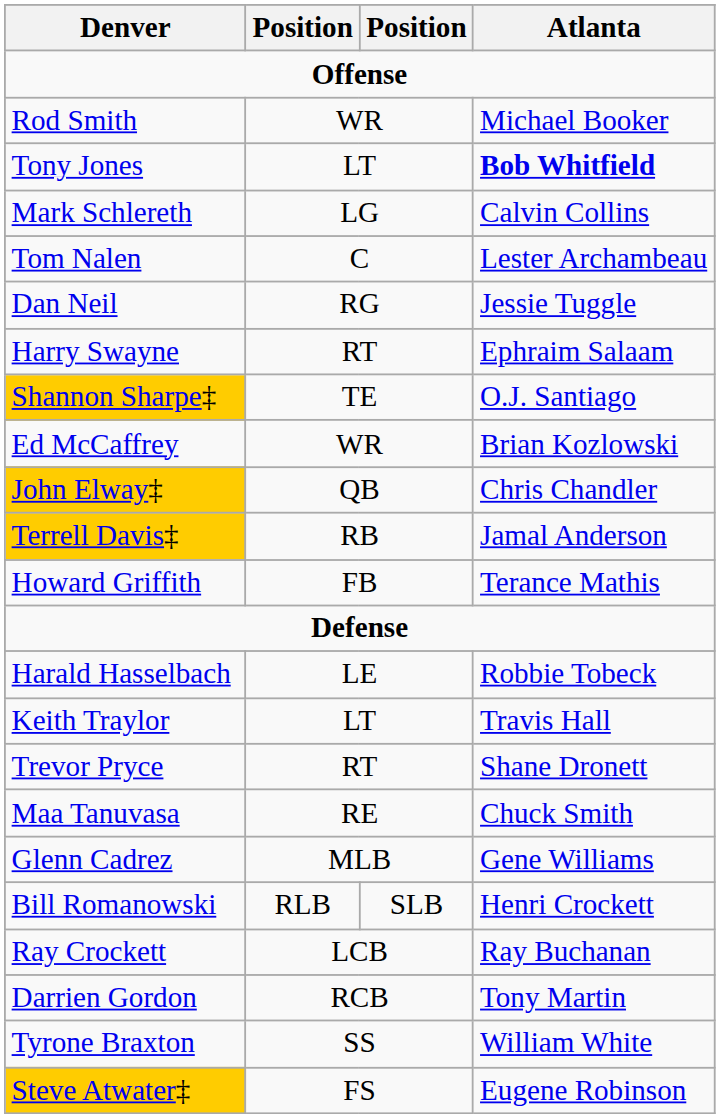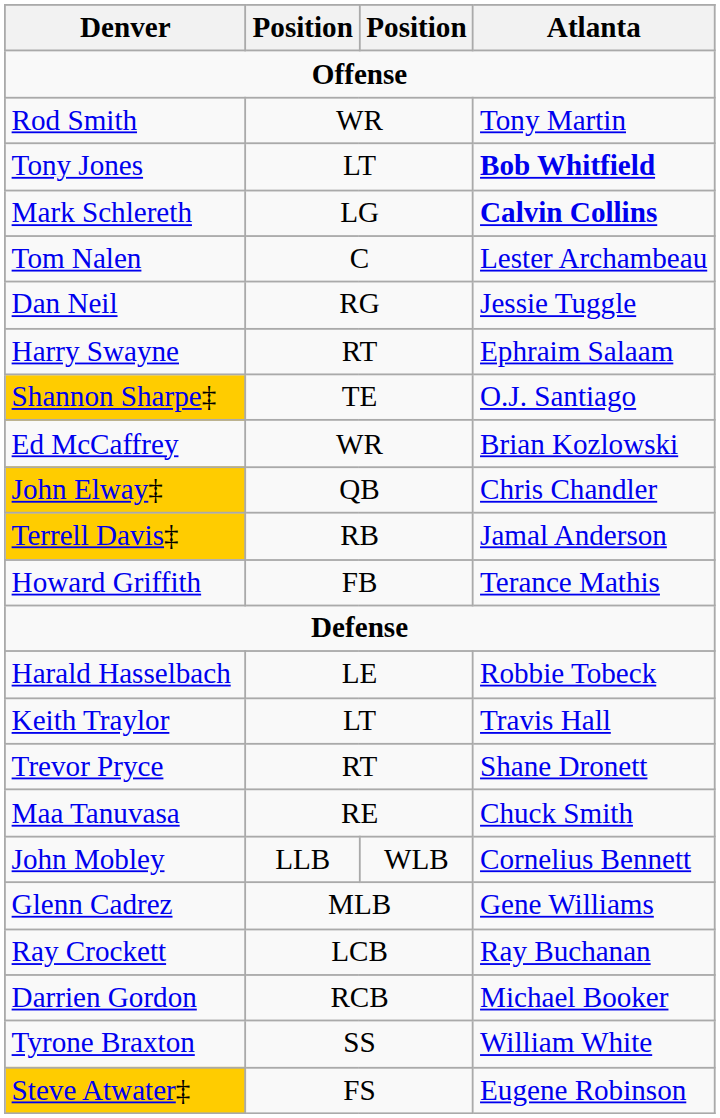 <table class="wikitable">
 <tr>
 <th width="125">Denver</th>
 <th>Position</th>
 <th>Position</th>
 <th width="125">Atlanta</th>
 </tr>
 <tr>
 <td colspan="4" style="text-align:center"><strong>Offense</strong></td>
 </tr>
 <tr>
 <td><a href='#'>Rod Smith</a></td>
 <td colspan="2" style="text-align:center">WR</td>
-<td><a href='#'>Michael Booker</a></td>
+<td><a href='#'>Tony Martin</a></td>
 </tr>
 <tr>
 <td><a href='#'>Tony Jones</a></td>
 <td colspan="2" style="text-align:center">LT</td>
 <td><strong><a href='#'>Bob Whitfield</a></strong></td>
 </tr>
 <tr>
 <td><a href='#'>Mark Schlereth</a></td>
 <td colspan="2" style="text-align:center">LG</td>
-<td><a href='#'>Calvin Collins</a></td>
+<td><strong><a href='#'>Calvin Collins</a></strong></td>
 </tr>
 <tr>
 <td><a href='#'>Tom Nalen</a></td>
 <td colspan="2" style="text-align:center">C</td>
 <td><a href='#'>Lester Archambeau</a></td>
 </tr>
 <tr>
 <td><a href='#'>Dan Neil</a></td>
 <td colspan="2" style="text-align:center">RG</td>
 <td><a href='#'>Jessie Tuggle</a></td>
 </tr>
 <tr>
 <td><a href='#'>Harry Swayne</a></td>
 <td colspan="2" style="text-align:center">RT</td>
 <td><a href='#'>Ephraim Salaam</a></td>
 </tr>
 <tr>
 <td bgcolor="#ffcc00"><a href='#'>Shannon Sharpe</a>‡</td>
 <td colspan="2" style="text-align:center">TE</td>
 <td><a href='#'>O.J. Santiago</a></td>
 </tr>
 <tr>
 <td><a href='#'>Ed McCaffrey</a></td>
 <td colspan="2" style="text-align:center">WR</td>
 <td><a href='#'>Brian Kozlowski</a></td>
 </tr>
 <tr>
 <td bgcolor="#ffcc00"><a href='#'>John Elway</a>‡</td>
 <td colspan="2" style="text-align:center">QB</td>
 <td><a href='#'>Chris Chandler</a></td>
 </tr>
 <tr>
 <td bgcolor="#ffcc00"><a href='#'>Terrell Davis</a>‡</td>
 <td colspan="2" style="text-align:center">RB</td>
 <td><a href='#'>Jamal Anderson</a></td>
 </tr>
 <tr>
 <td><a href='#'>Howard Griffith</a></td>
 <td colspan="2" style="text-align:center">FB</td>
 <td><a href='#'>Terance Mathis</a></td>
 </tr>
 <tr>
 <td colspan="4" style="text-align:center"><strong>Defense</strong></td>
 </tr>
 <tr>
 <td><a href='#'>Harald Hasselbach</a></td>
 <td colspan="2" style="text-align:center">LE</td>
 <td><a href='#'>Robbie Tobeck</a></td>
 </tr>
 <tr>
 <td><a href='#'>Keith Traylor</a></td>
 <td colspan="2" style="text-align:center">LT</td>
 <td><a href='#'>Travis Hall</a></td>
 </tr>
 <tr>
 <td><a href='#'>Trevor Pryce</a></td>
 <td colspan="2" style="text-align:center">RT</td>
 <td><a href='#'>Shane Dronett</a></td>
 </tr>
 <tr>
 <td><a href='#'>Maa Tanuvasa</a></td>
 <td colspan="2" style="text-align:center">RE</td>
 <td><a href='#'>Chuck Smith</a></td>
 </tr>
 <tr>
+<td><a href='#'>John Mobley</a></td>
+<td style="text-align:center">LLB</td>
+<td style="text-align:center">WLB</td>
+<td><a href='#'>Cornelius Bennett</a></td>
+</tr>
+<tr>
 <td><a href='#'>Glenn Cadrez</a></td>
 <td colspan="2" style="text-align:center">MLB</td>
 <td><a href='#'>Gene Williams</a></td>
-</tr>
-<tr>
-<td><a href='#'>Bill Romanowski</a></td>
-<td style="text-align:center">RLB</td>
-<td style="text-align:center">SLB</td>
-<td><a href='#'>Henri Crockett</a></td>
 </tr>
 <tr>
 <td><a href='#'>Ray Crockett</a></td>
 <td colspan="2" style="text-align:center">LCB</td>
 <td><a href='#'>Ray Buchanan</a></td>
 </tr>
 <tr>
 <td><a href='#'>Darrien Gordon</a></td>
 <td colspan="2" style="text-align:center">RCB</td>
-<td><a href='#'>Tony Martin</a></td>
+<td><a href='#'>Michael Booker</a></td>
 </tr>
 <tr>
 <td><a href='#'>Tyrone Braxton</a></td>
 <td colspan="2" style="text-align:center">SS</td>
 <td><a href='#'>William White</a></td>
 </tr>
 <tr>
 <td bgcolor="#ffcc00"><a href='#'>Steve Atwater</a>‡</td>
 <td colspan="2" style="text-align:center">FS</td>
 <td><a href='#'>Eugene Robinson</a></td>
 </tr>
 </table>
